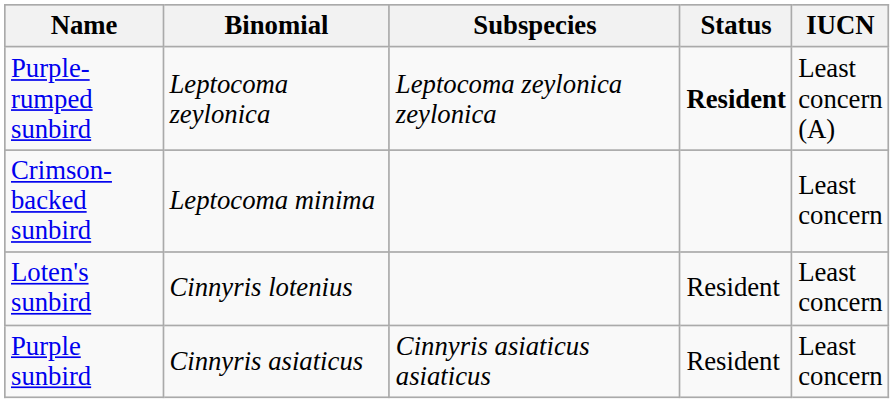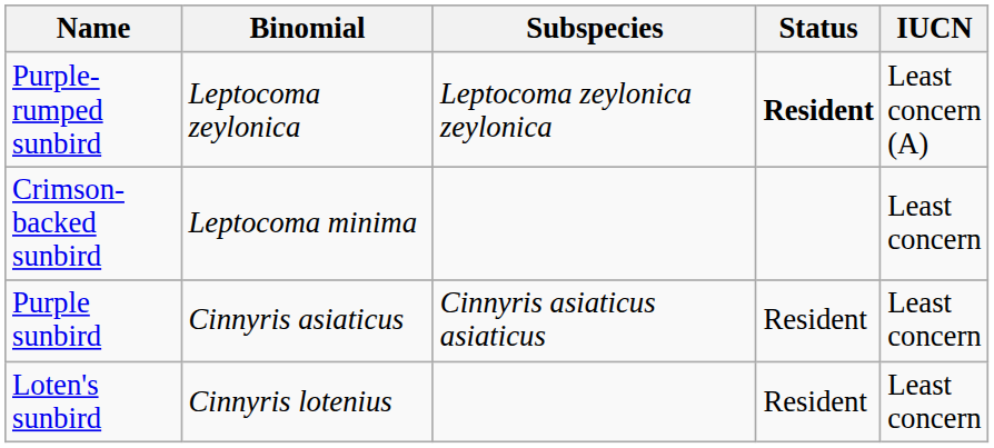 <table width=60% class="wikitable">
 <tr>
 <th width=20%>Name</th>
 <th width=30%>Binomial</th>
 <th width=40%>Subspecies</th>
 <th width=30%>Status</th>
 <th width=30%>IUCN</th>
 </tr>
 <tr>
 <td><a href='#'>Purple-rumped sunbird</a><br> </td>
 <td><em>Leptocoma zeylonica</em></td>
 <td><em>Leptocoma zeylonica zeylonica</em></td>
 <td><strong>Resident</strong></td>
 <td>Least concern<br>(A)</td>
 </tr>
 <tr>
 <td><a href='#'>Crimson-backed sunbird</a><br></td>
 <td><em>Leptocoma minima</em></td>
 <td></td>
 <td></td>
 <td>Least concern</td>
 </tr>
 <tr>
+<td><a href='#'>Purple sunbird</a><br></td>
+<td><em>Cinnyris asiaticus</em></td>
+<td><em>Cinnyris asiaticus asiaticus</em></td>
+<td>Resident</td>
+<td>Least concern</td>
+</tr>
+<tr>
 <td><a href='#'>Loten's sunbird</a><br> </td>
 <td><em>Cinnyris lotenius</em></td>
 <td></td>
 <td>Resident</td>
 <td>Least concern</td>
 </tr>
-<tr>
-<td><a href='#'>Purple sunbird</a><br></td>
-<td><em>Cinnyris asiaticus</em></td>
-<td><em>Cinnyris asiaticus asiaticus</em></td>
-<td>Resident</td>
-<td>Least concern</td>
-</tr>
 </table>
